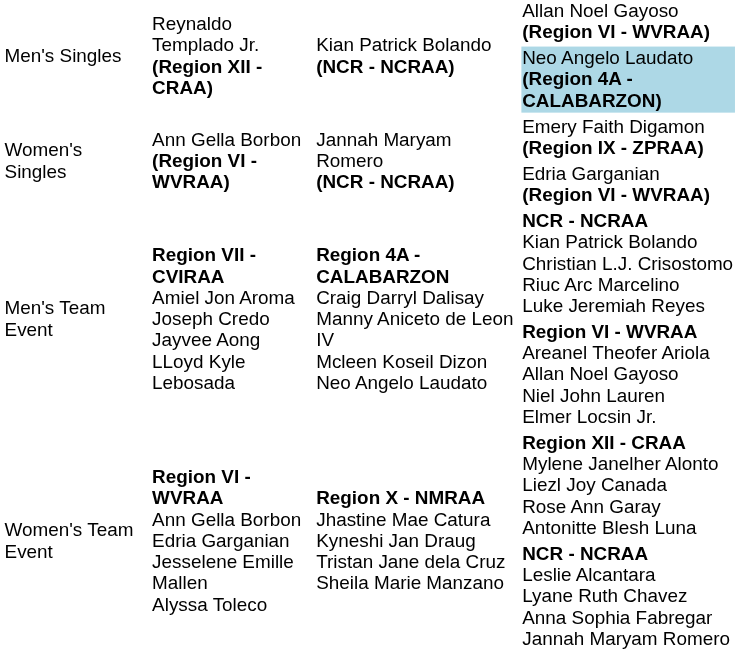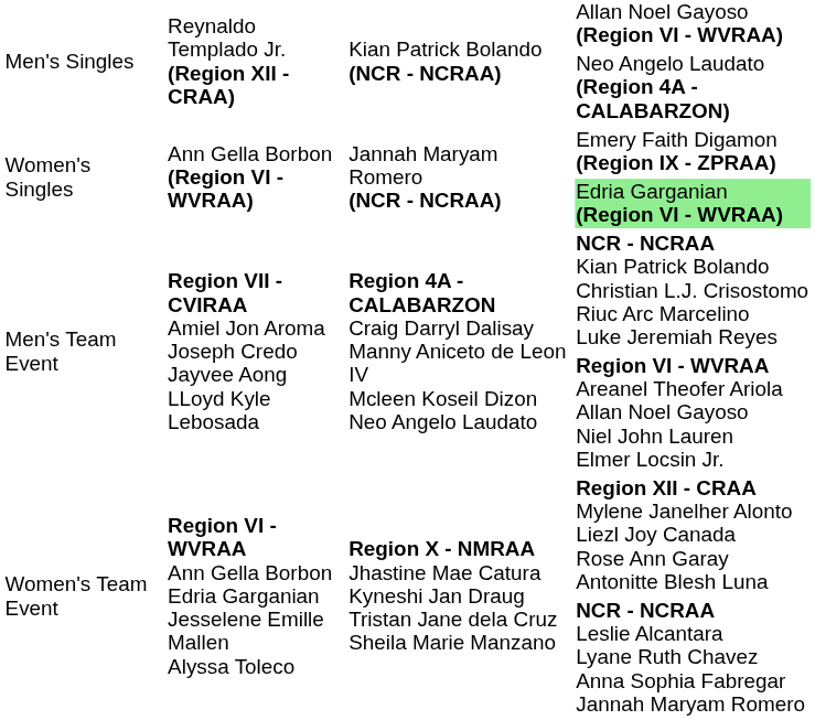 <table>
 <tr>
 <td rowspan=2>Men's Singles</td>
 <td rowspan=2>Reynaldo Templado Jr. <br><strong>(Region XII - CRAA)</strong></td>
 <td rowspan=2>Kian Patrick Bolando <br><strong>(NCR - NCRAA)</strong></td>
 <td>Allan Noel Gayoso<br><strong>(Region VI - WVRAA)</strong></td>
 </tr>
 <tr>
-<td style="background: lightblue;">Neo Angelo Laudato<br><strong>(Region 4A - CALABARZON)</strong></td>
+<td>Neo Angelo Laudato<br><strong>(Region 4A - CALABARZON)</strong></td>
 </tr>
 <tr>
 <td rowspan=2>Women's Singles</td>
 <td rowspan=2>Ann Gella Borbon<br><strong>(Region VI - WVRAA)</strong></td>
 <td rowspan=2>Jannah Maryam Romero<br><strong>(NCR - NCRAA)</strong></td>
 <td>Emery Faith Digamon<br><strong>(Region IX - ZPRAA)</strong></td>
 </tr>
 <tr>
-<td>Edria Garganian<br><strong>(Region VI - WVRAA)</strong></td>
+<td style="background: lightgreen;">Edria Garganian<br><strong>(Region VI - WVRAA)</strong></td>
 </tr>
 <tr>
 <td rowspan=2>Men's Team Event</td>
 <td rowspan=2><strong>Region VII - CVIRAA</strong> <br>Amiel Jon Aroma<br>Joseph Credo<br>Jayvee Aong<br>LLoyd Kyle Lebosada</td>
 <td rowspan=2><strong>Region 4A - CALABARZON</strong><br>Craig Darryl Dalisay<br>Manny Aniceto de Leon IV <br>Mcleen Koseil Dizon<br>Neo Angelo Laudato</td>
 <td><strong>NCR - NCRAA</strong> <br>Kian Patrick Bolando<br>Christian L.J. Crisostomo<br>Riuc Arc Marcelino<br>Luke Jeremiah Reyes</td>
 </tr>
 <tr>
 <td><strong>Region VI - WVRAA</strong> <br>Areanel Theofer Ariola<br>Allan Noel Gayoso<br>Niel John Lauren<br>Elmer Locsin Jr.</td>
 </tr>
 <tr>
 <td rowspan=2>Women's Team Event</td>
 <td rowspan=2><strong>Region VI - WVRAA</strong><br>Ann Gella Borbon<br>Edria Garganian<br>Jesselene Emille Mallen<br>Alyssa Toleco</td>
 <td rowspan=2><strong>Region X - NMRAA</strong><br>Jhastine Mae Catura<br>Kyneshi Jan Draug<br>Tristan Jane dela Cruz<br>Sheila Marie Manzano</td>
 <td><strong>Region XII - CRAA</strong><br>Mylene Janelher Alonto<br>Liezl Joy Canada<br>Rose Ann Garay<br>Antonitte Blesh Luna</td>
 </tr>
 <tr>
 <td><strong>NCR - NCRAA</strong> <br>Leslie Alcantara<br>Lyane Ruth Chavez<br>Anna Sophia Fabregar<br>Jannah Maryam Romero</td>
 </tr>
 </table>
